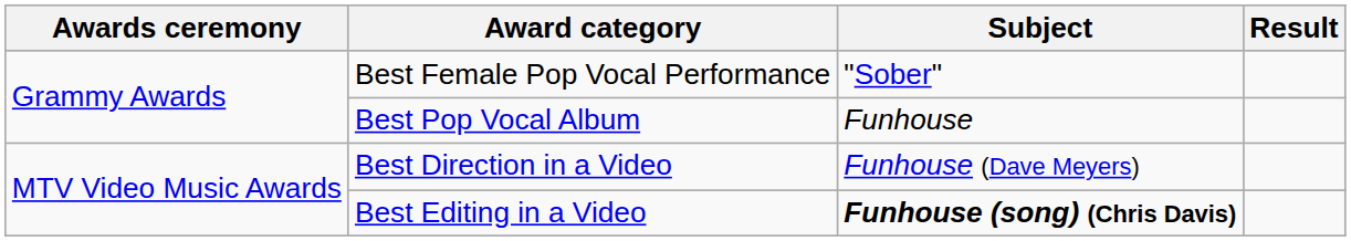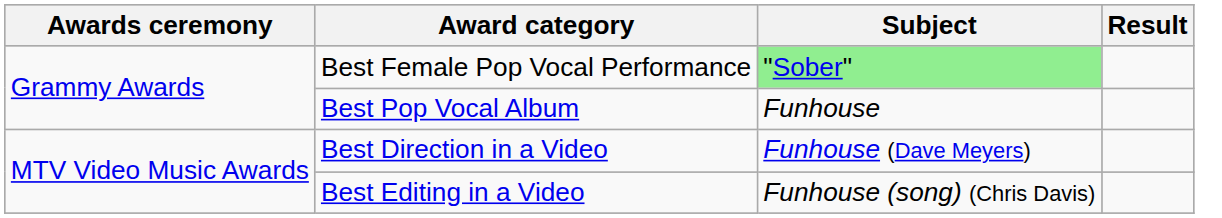 <table class="wikitable">
 <tr>
 <th style="text-align:center;">Awards ceremony</th>
 <th style="text-align:center;">Award category</th>
 <th style="text-align:center;">Subject</th>
 <th style="text-align:center;">Result</th>
 </tr>
 <tr>
 <td rowspan="2" style="text-align:left;"><a href='#'>Grammy Awards</a></td>
 <td align="left">Best Female Pop Vocal Performance</td>
-<td align="left">"<a href='#'>Sober</a>"</td>
+<td align="left" style="background: lightgreen;">"<a href='#'>Sober</a>"</td>
 <td></td>
 </tr>
 <tr>
 <td align="left"><a href='#'>Best Pop Vocal Album</a></td>
 <td align="left"><em>Funhouse</em></td>
 <td></td>
 </tr>
 <tr>
 <td rowspan="2" style="text-align:left;"><a href='#'>MTV Video Music Awards</a></td>
 <td align="left"><a href='#'>Best Direction in a Video</a></td>
 <td align="left"><em><a href='#'>Funhouse</a></em> <small>(<a href='#'>Dave Meyers</a>)</small></td>
 <td></td>
 </tr>
 <tr>
 <td align="left"><a href='#'>Best Editing in a Video</a></td>
-<td align="left"><strong><em>Funhouse (song)</em> <small>(Chris Davis)</small></strong></td>
+<td align="left"><em>Funhouse (song)</em> <small>(Chris Davis)</small></td>
 <td></td>
 </tr>
 </table>
